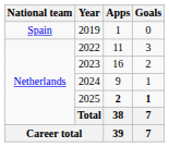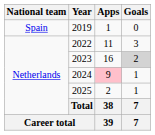 <table class="wikitable" style="text-align:center">
 <tr>
 <th>National team</th>
 <th>Year</th>
 <th>Apps</th>
 <th>Goals</th>
 </tr>
 <tr>
 <td><a href='#'>Spain</a></td>
 <td>2019</td>
 <td>1</td>
 <td>0</td>
 </tr>
 <tr>
 <td rowspan="5"><a href='#'>Netherlands</a></td>
 <td>2022</td>
 <td>11</td>
 <td>3</td>
 </tr>
 <tr>
 <td>2023</td>
 <td>16</td>
-<td>2</td>
+<td style="background: lightgrey;">2</td>
 </tr>
 <tr>
 <td>2024</td>
-<td>9</td>
+<td style="background: pink;">9</td>
 <td>1</td>
 </tr>
 <tr>
 <td>2025</td>
-<td><strong>2</strong></td>
-<td><strong>1</strong></td>
+<td>2</td>
+<td>1</td>
 </tr>
 <tr>
 <th>Total</th>
 <th>38</th>
 <th>7</th>
 </tr>
 <tr>
 <th colspan="2">Career total</th>
 <th>39</th>
 <th>7</th>
 </tr>
 </table>
